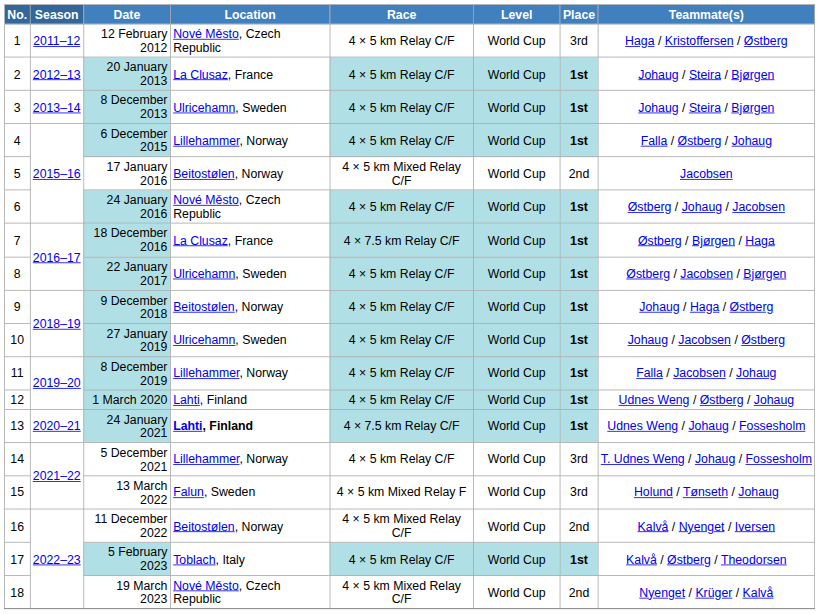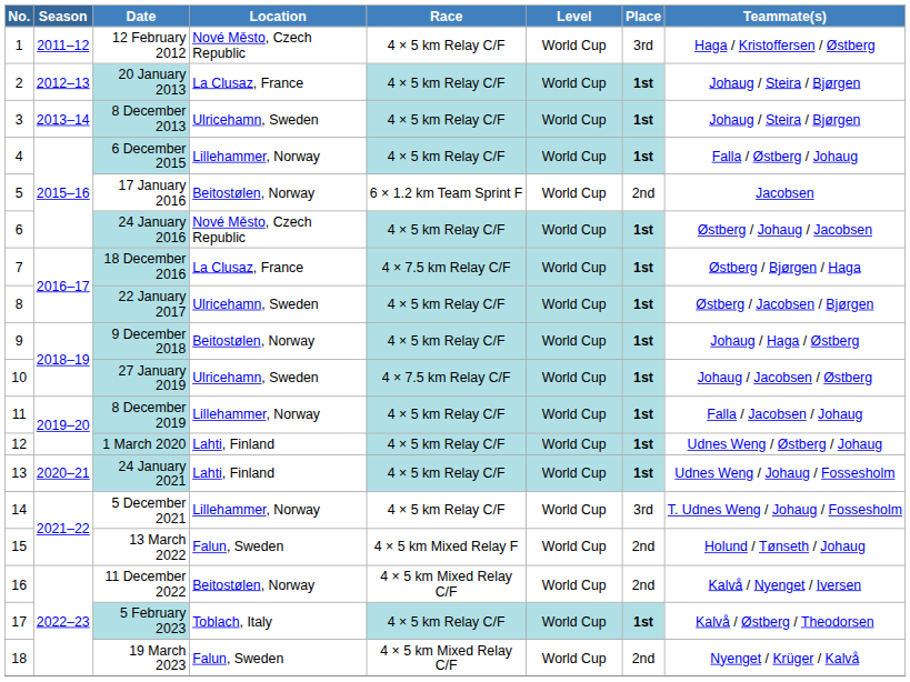 <table class="wikitable sortable" style="font-size:95%; text-align:center; border:grey solid 1px; border-collapse:collapse; background:#ffffff;">
 <tr style="background:#efefef;">
 <th style="background-color:#369; color:white;">No.</th>
 <th style="background-color:#369; color:white;">Season</th>
 <th style="background-color:#4180be; color:white; width:100px;">Date</th>
 <th style="background-color:#4180be; color:white; width:190px;">Location</th>
 <th style="background-color:#4180be; color:white; width:170px;">Race</th>
 <th style="background-color:#4180be; color:white; width:100px;">Level</th>
 <th style="background-color:#4180be; color:white;">Place</th>
 <th style="background-color:#4180be; color:white;">Teammate(s)</th>
 </tr>
 <tr>
 <td align=center>1</td>
 <td align=center><a href='#'>2011–12</a></td>
 <td align=right>12 February 2012</td>
 <td align=left> <a href='#'>Nové Město</a>, Czech Republic</td>
 <td>4 × 5 km Relay C/F</td>
 <td>World Cup</td>
 <td>3rd</td>
 <td><a href='#'>Haga</a> / <a href='#'>Kristoffersen</a> / <a href='#'>Østberg</a></td>
 </tr>
 <tr>
 <td align=center>2</td>
 <td align=center><a href='#'>2012–13</a></td>
 <td bgcolor="#BOEOE6" align=right>20 January 2013</td>
 <td align=left> <a href='#'>La Clusaz</a>, France</td>
 <td bgcolor="#BOEOE6">4 × 5 km Relay C/F</td>
 <td bgcolor="#BOEOE6">World Cup</td>
 <td bgcolor="#BOEOE6"><strong>1st</strong></td>
 <td><a href='#'>Johaug</a> / <a href='#'>Steira</a> / <a href='#'>Bjørgen</a></td>
 </tr>
 <tr>
 <td align=center>3</td>
 <td align=center><a href='#'>2013–14</a></td>
 <td bgcolor="#BOEOE6" align=right>8 December 2013</td>
 <td align=left> <a href='#'>Ulricehamn</a>, Sweden</td>
 <td bgcolor="#BOEOE6">4 × 5 km Relay C/F</td>
 <td bgcolor="#BOEOE6">World Cup</td>
 <td bgcolor="#BOEOE6"><strong>1st</strong></td>
 <td><a href='#'>Johaug</a> / <a href='#'>Steira</a> / <a href='#'>Bjørgen</a></td>
 </tr>
 <tr>
 <td align=center>4</td>
 <td rowspan=3 align=center><a href='#'>2015–16</a></td>
 <td bgcolor="#BOEOE6" align=right>6 December 2015</td>
 <td align=left> <a href='#'>Lillehammer</a>, Norway</td>
 <td bgcolor="#BOEOE6">4 × 5 km Relay C/F</td>
 <td bgcolor="#BOEOE6">World Cup</td>
 <td bgcolor="#BOEOE6"><strong>1st</strong></td>
 <td><a href='#'>Falla</a> / <a href='#'>Østberg</a> / <a href='#'>Johaug</a></td>
 </tr>
 <tr>
 <td align=center>5</td>
 <td align=right>17 January 2016</td>
 <td align=left> <a href='#'>Beitostølen</a>, Norway</td>
-<td>4 × 5 km Mixed Relay C/F</td>
+<td>6 × 1.2 km Team Sprint F</td>
 <td>World Cup</td>
 <td>2nd</td>
 <td><a href='#'>Jacobsen</a></td>
 </tr>
 <tr>
 <td align=center>6</td>
 <td bgcolor="#BOEOE6" align=right>24 January 2016</td>
 <td align=left> <a href='#'>Nové Město</a>, Czech Republic</td>
 <td bgcolor="#BOEOE6">4 × 5 km Relay C/F</td>
 <td bgcolor="#BOEOE6">World Cup</td>
 <td bgcolor="#BOEOE6"><strong>1st</strong></td>
 <td><a href='#'>Østberg</a> / <a href='#'>Johaug</a> / <a href='#'>Jacobsen</a></td>
 </tr>
 <tr>
 <td align=center>7</td>
 <td rowspan=2 align=center><a href='#'>2016–17</a></td>
 <td bgcolor="#BOEOE6" align=right>18 December 2016</td>
 <td align=left> <a href='#'>La Clusaz</a>, France</td>
 <td bgcolor="#BOEOE6">4 × 7.5 km Relay C/F</td>
 <td bgcolor="#BOEOE6">World Cup</td>
 <td bgcolor="#BOEOE6"><strong>1st</strong></td>
 <td><a href='#'>Østberg</a> / <a href='#'>Bjørgen</a> / <a href='#'>Haga</a></td>
 </tr>
 <tr>
 <td align=center>8</td>
 <td bgcolor="#BOEOE6" align=right>22 January 2017</td>
 <td align=left> <a href='#'>Ulricehamn</a>, Sweden</td>
 <td bgcolor="#BOEOE6">4 × 5 km Relay C/F</td>
 <td bgcolor="#BOEOE6">World Cup</td>
 <td bgcolor="#BOEOE6"><strong>1st</strong></td>
 <td><a href='#'>Østberg</a>  / <a href='#'>Jacobsen</a> / <a href='#'>Bjørgen</a></td>
 </tr>
 <tr>
 <td align=center>9</td>
 <td rowspan=2 align=center><a href='#'>2018–19</a></td>
 <td bgcolor="#BOEOE6" align=right>9 December 2018</td>
 <td align=left> <a href='#'>Beitostølen</a>, Norway</td>
 <td bgcolor="#BOEOE6">4 × 5 km Relay C/F</td>
 <td bgcolor="#BOEOE6">World Cup</td>
 <td bgcolor="#BOEOE6"><strong>1st</strong></td>
 <td><a href='#'>Johaug</a> / <a href='#'>Haga</a> / <a href='#'>Østberg</a></td>
 </tr>
 <tr>
 <td align=center>10</td>
 <td bgcolor="#BOEOE6" align=right>27 January 2019</td>
 <td align=left> <a href='#'>Ulricehamn</a>, Sweden</td>
-<td bgcolor="#BOEOE6">4 × 5 km Relay C/F</td>
+<td bgcolor="#BOEOE6">4 × 7.5 km Relay C/F</td>
 <td bgcolor="#BOEOE6">World Cup</td>
 <td bgcolor="#BOEOE6"><strong>1st</strong></td>
 <td><a href='#'>Johaug</a> / <a href='#'>Jacobsen</a> / <a href='#'>Østberg</a></td>
 </tr>
 <tr>
 <td align=center>11</td>
 <td rowspan=2 align=center><a href='#'>2019–20</a></td>
 <td bgcolor="#BOEOE6" align=right>8 December 2019</td>
 <td align=left> <a href='#'>Lillehammer</a>, Norway</td>
 <td bgcolor="#BOEOE6">4 × 5 km Relay C/F</td>
 <td bgcolor="#BOEOE6">World Cup</td>
 <td bgcolor="#BOEOE6"><strong>1st</strong></td>
 <td><a href='#'>Falla</a> / <a href='#'>Jacobsen</a> / <a href='#'>Johaug</a></td>
 </tr>
 <tr>
 <td align=center>12</td>
 <td bgcolor="#BOEOE6" align=right>1 March 2020</td>
 <td align=left> <a href='#'>Lahti</a>, Finland</td>
 <td bgcolor="#BOEOE6">4 × 5 km Relay C/F</td>
 <td bgcolor="#BOEOE6">World Cup</td>
 <td bgcolor="#BOEOE6"><strong>1st</strong></td>
 <td><a href='#'>Udnes Weng</a> / <a href='#'>Østberg</a> / <a href='#'>Johaug</a></td>
 </tr>
 <tr>
 <td align=center>13</td>
 <td align=center><a href='#'>2020–21</a></td>
 <td bgcolor="#BOEOE6" align=right>24 January 2021</td>
-<td align=left><strong> <a href='#'>Lahti</a>, Finland</strong></td>
-<td bgcolor="#BOEOE6">4 × 7.5 km Relay C/F</td>
+<td align=left> <a href='#'>Lahti</a>, Finland</td>
+<td bgcolor="#BOEOE6">4 × 5 km Relay C/F</td>
 <td bgcolor="#BOEOE6">World Cup</td>
 <td bgcolor="#BOEOE6"><strong>1st</strong></td>
 <td><a href='#'>Udnes Weng</a> / <a href='#'>Johaug</a> / <a href='#'>Fossesholm</a></td>
 </tr>
 <tr>
 <td align=center>14</td>
 <td rowspan=2 align=center><a href='#'>2021–22</a></td>
 <td align=right>5 December 2021</td>
 <td align=left> <a href='#'>Lillehammer</a>, Norway</td>
 <td>4 × 5 km Relay C/F</td>
 <td>World Cup</td>
 <td>3rd</td>
 <td><a href='#'>T. Udnes Weng</a> / <a href='#'>Johaug</a> / <a href='#'>Fossesholm</a></td>
 </tr>
 <tr>
 <td align=center>15</td>
 <td align=right>13 March 2022</td>
 <td align=left> <a href='#'>Falun</a>, Sweden</td>
 <td>4 × 5 km Mixed Relay F</td>
 <td>World Cup</td>
-<td>3rd</td>
+<td>2nd</td>
 <td><a href='#'>Holund</a> / <a href='#'>Tønseth</a> / <a href='#'>Johaug</a></td>
 </tr>
 <tr>
 <td align=center>16</td>
 <td rowspan=3 align=center><a href='#'>2022–23</a></td>
 <td align=right>11 December 2022</td>
 <td align=left> <a href='#'>Beitostølen</a>, Norway</td>
 <td>4 × 5 km Mixed Relay C/F</td>
 <td>World Cup</td>
 <td>2nd</td>
 <td><a href='#'>Kalvå</a> / <a href='#'>Nyenget</a> / <a href='#'>Iversen</a></td>
 </tr>
 <tr>
 <td align=center>17</td>
 <td bgcolor="#BOEOE6" align=right>5 February 2023</td>
 <td align=left> <a href='#'>Toblach</a>, Italy</td>
 <td bgcolor="#BOEOE6">4 × 5 km Relay C/F</td>
 <td bgcolor="#BOEOE6">World Cup</td>
 <td bgcolor="#BOEOE6"><strong>1st</strong></td>
 <td><a href='#'>Kalvå</a> / <a href='#'>Østberg</a> / <a href='#'>Theodorsen</a></td>
 </tr>
 <tr>
 <td align=center>18</td>
 <td align=right>19 March 2023</td>
-<td align=left> <a href='#'>Nové Město</a>, Czech Republic</td>
+<td align=left> <a href='#'>Falun</a>, Sweden</td>
 <td>4 × 5 km Mixed Relay C/F</td>
 <td>World Cup</td>
 <td>2nd</td>
 <td><a href='#'>Nyenget</a> / <a href='#'>Krüger</a> / <a href='#'>Kalvå</a></td>
 </tr>
 <tr>
 </tr>
 </table>
